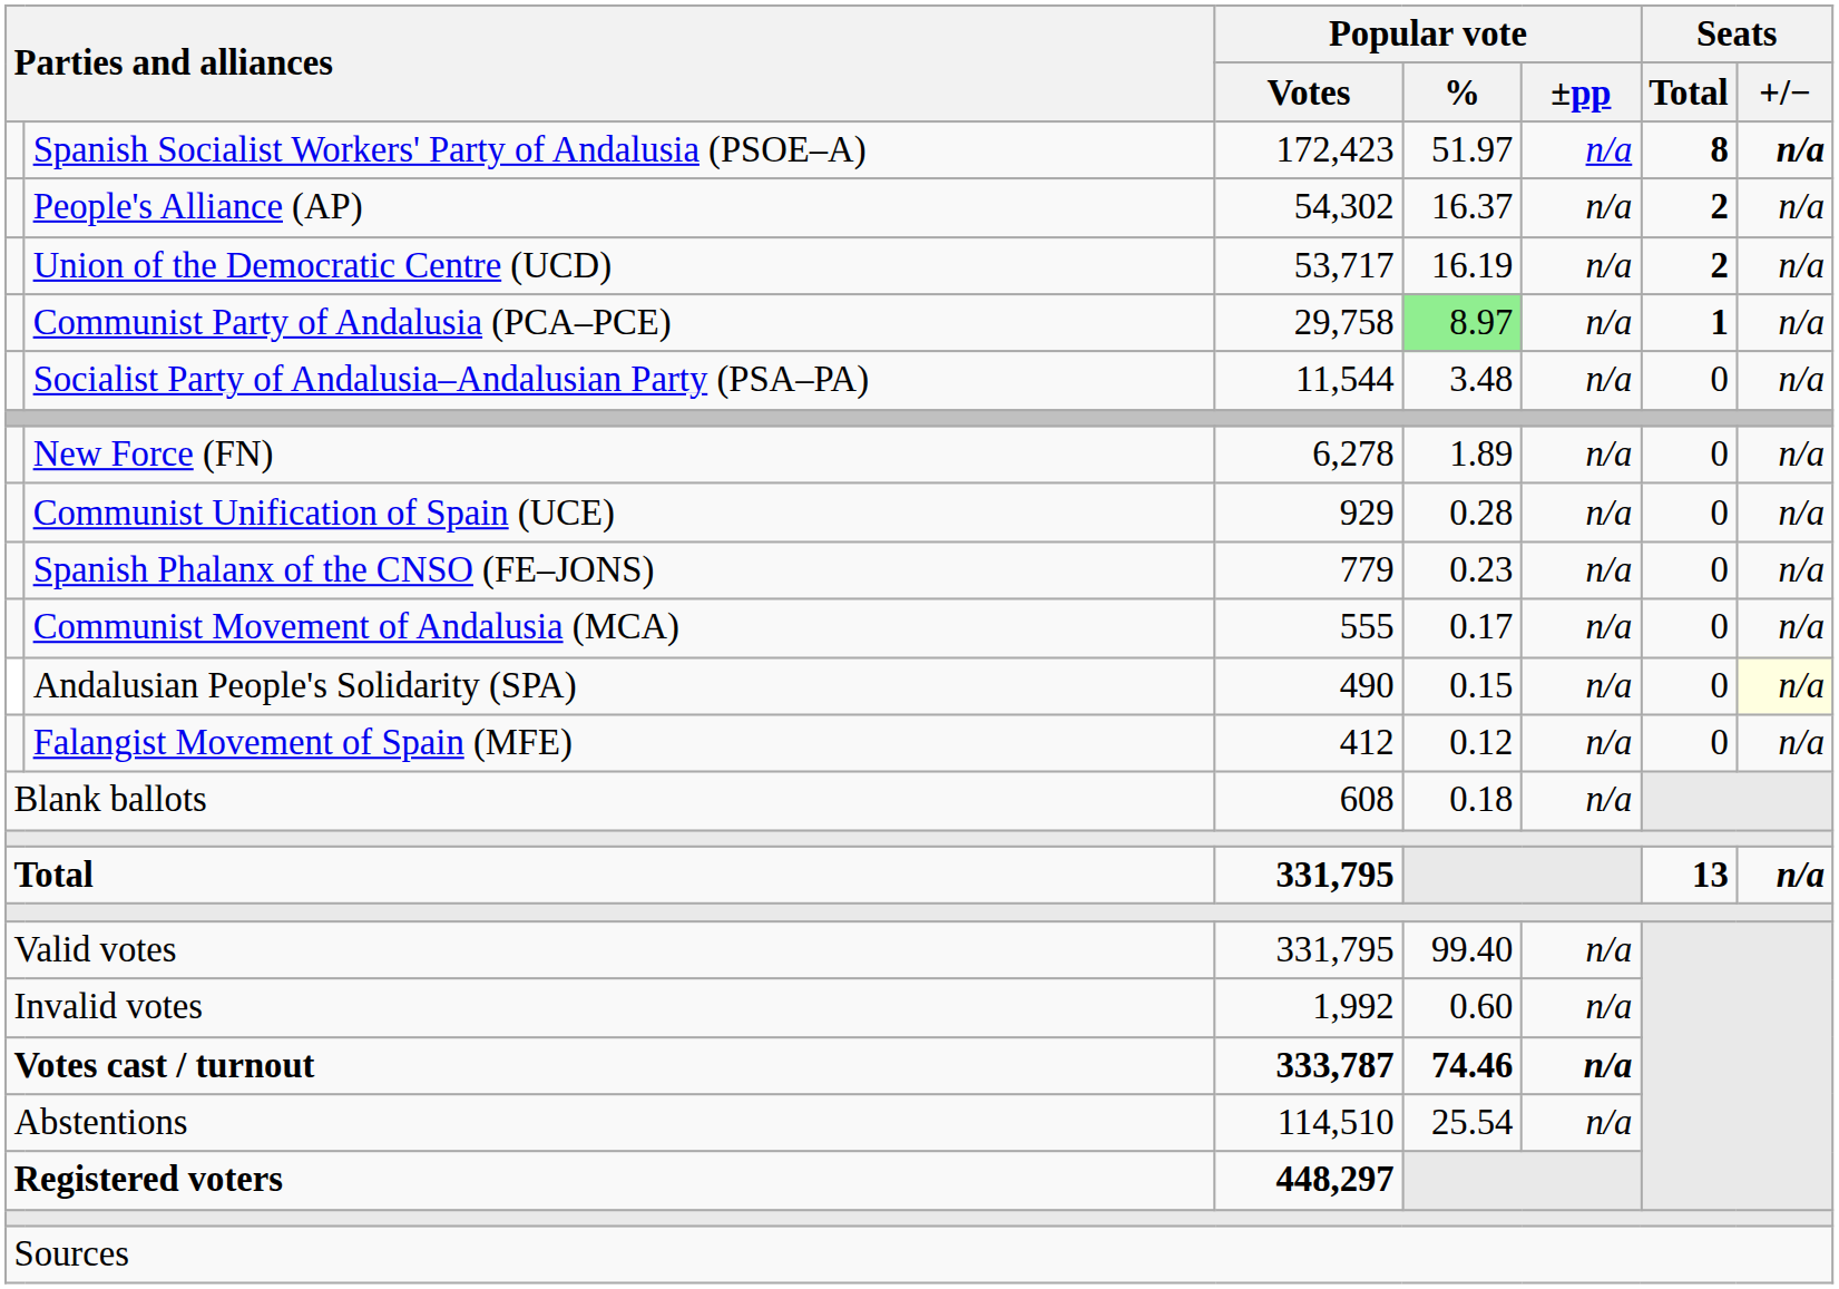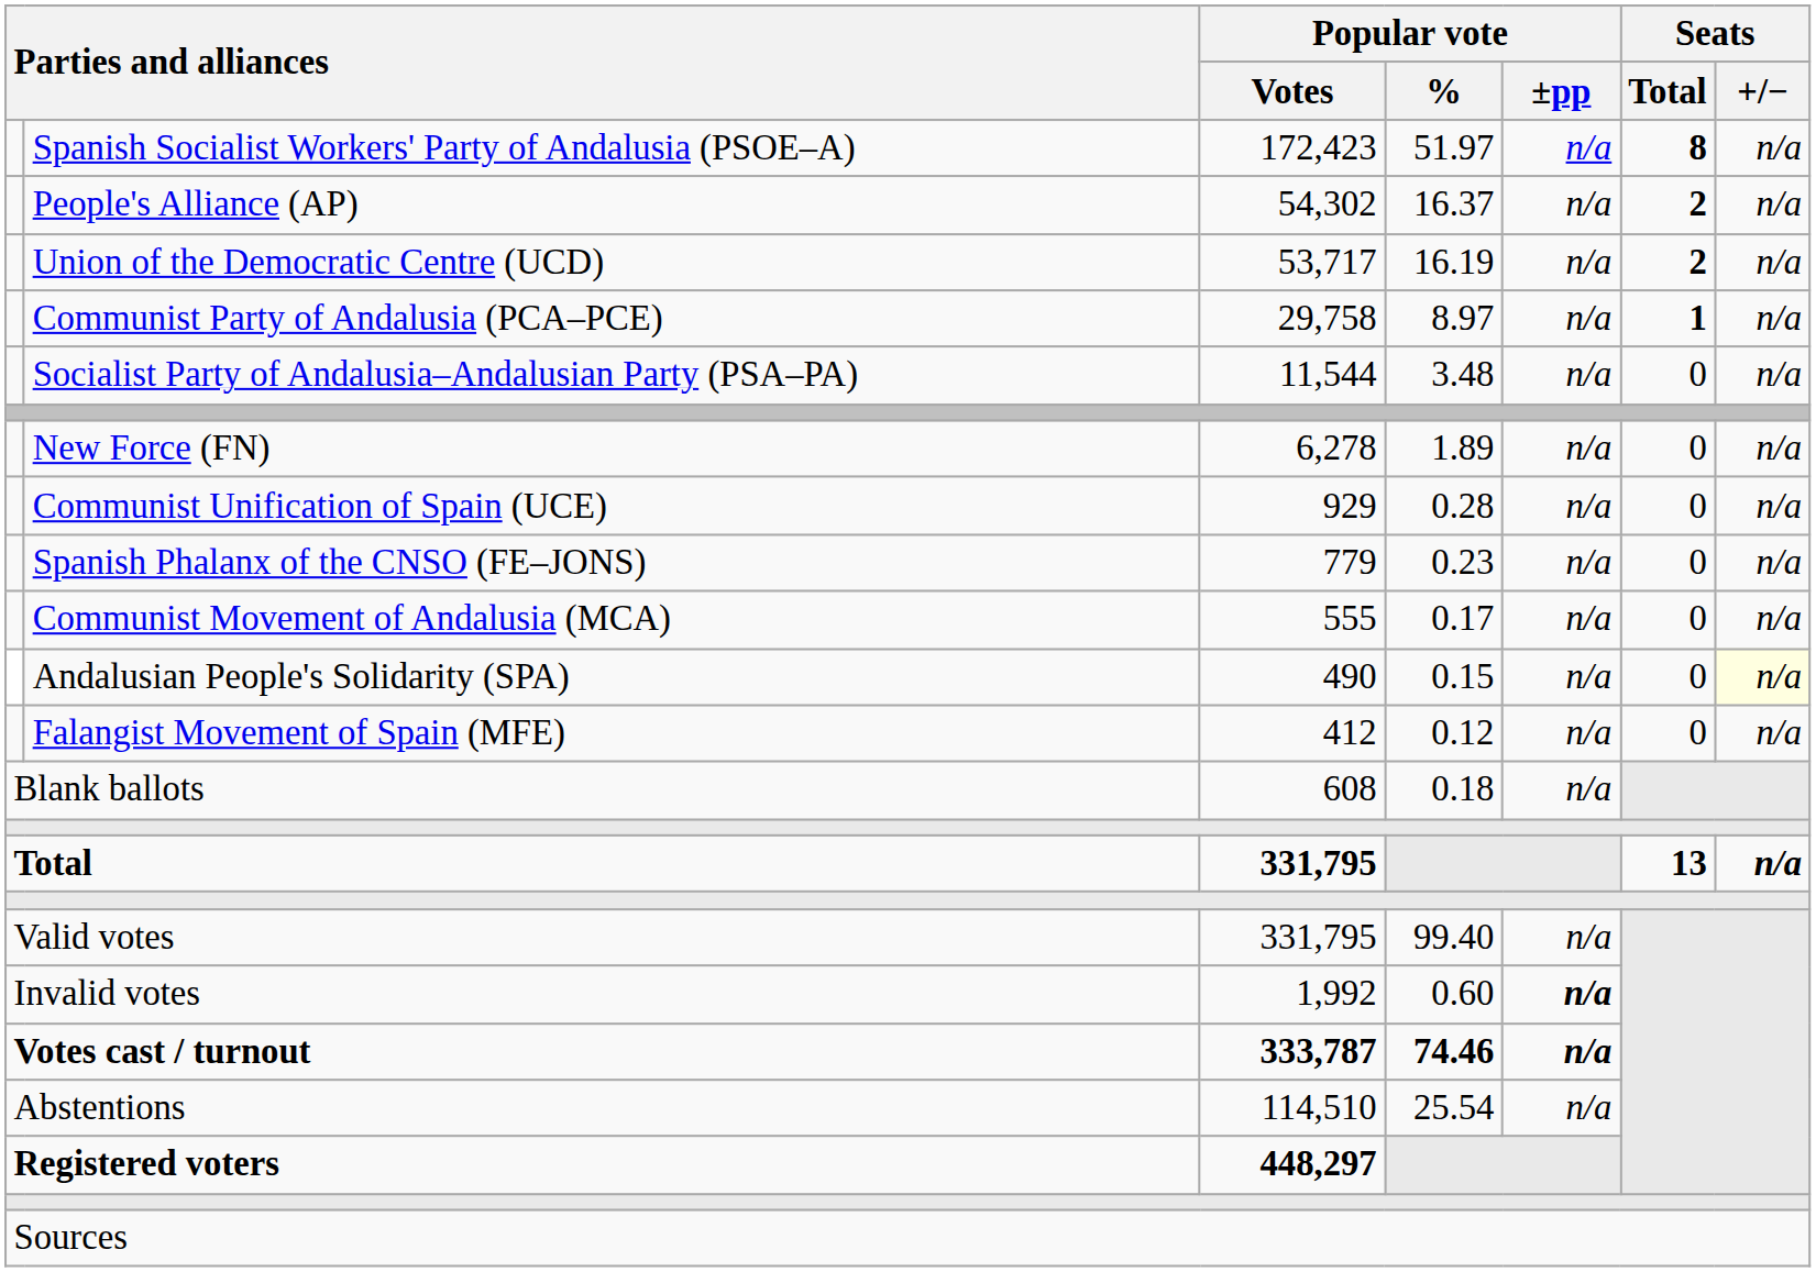 <table class="wikitable" style="text-align:right;">
 <tr>
 <th style="text-align:left;" rowspan="2" colspan="2" width="525">Parties and alliances</th>
 <th colspan="3">Popular vote</th>
 <th colspan="2">Seats</th>
 </tr>
 <tr>
 <th width="75">Votes</th>
 <th width="45">%</th>
 <th width="45">±<a href='#'>pp</a></th>
 <th width="35">Total</th>
 <th width="35">+/−</th>
 </tr>
 <tr>
 <td width="1" style="color:inherit;background:"></td>
 <td align="left"><a href='#'>Spanish Socialist Workers' Party of Andalusia</a> (PSOE–A)</td>
 <td>172,423</td>
 <td>51.97</td>
 <td><em><a href='#'>n/a</a></em></td>
 <td><strong>8</strong></td>
-<td><strong><em>n/a</em></strong></td>
+<td><em>n/a</em></td>
 </tr>
 <tr>
 <td style="color:inherit;background:"></td>
 <td align="left"><a href='#'>People's Alliance</a> (AP)</td>
 <td>54,302</td>
 <td>16.37</td>
 <td><em>n/a</em></td>
 <td><strong>2</strong></td>
 <td><em>n/a</em></td>
 </tr>
 <tr>
 <td style="color:inherit;background:"></td>
 <td align="left"><a href='#'>Union of the Democratic Centre</a> (UCD)</td>
 <td>53,717</td>
 <td>16.19</td>
 <td><em>n/a</em></td>
 <td><strong>2</strong></td>
 <td><em>n/a</em></td>
 </tr>
 <tr>
 <td style="color:inherit;background:"></td>
 <td align="left"><a href='#'>Communist Party of Andalusia</a> (PCA–PCE)</td>
 <td>29,758</td>
-<td style="background: lightgreen;">8.97</td>
+<td>8.97</td>
 <td><em>n/a</em></td>
 <td><strong>1</strong></td>
 <td><em>n/a</em></td>
 </tr>
 <tr>
 <td style="color:inherit;background:"></td>
 <td align="left"><a href='#'>Socialist Party of Andalusia–Andalusian Party</a> (PSA–PA)</td>
 <td>11,544</td>
 <td>3.48</td>
 <td><em>n/a</em></td>
 <td>0</td>
 <td><em>n/a</em></td>
 </tr>
 <tr>
 <td colspan="7" bgcolor="#C0C0C0"></td>
 </tr>
 <tr>
 <td style="color:inherit;background:"></td>
 <td align="left"><a href='#'>New Force</a> (FN)</td>
 <td>6,278</td>
 <td>1.89</td>
 <td><em>n/a</em></td>
 <td>0</td>
 <td><em>n/a</em></td>
 </tr>
 <tr>
 <td style="color:inherit;background:"></td>
 <td align="left"><a href='#'>Communist Unification of Spain</a> (UCE)</td>
 <td>929</td>
 <td>0.28</td>
 <td><em>n/a</em></td>
 <td>0</td>
 <td><em>n/a</em></td>
 </tr>
 <tr>
 <td style="color:inherit;background:"></td>
 <td align="left"><a href='#'>Spanish Phalanx of the CNSO</a> (FE–JONS)</td>
 <td>779</td>
 <td>0.23</td>
 <td><em>n/a</em></td>
 <td>0</td>
 <td><em>n/a</em></td>
 </tr>
 <tr>
 <td style="color:inherit;background:"></td>
 <td align="left"><a href='#'>Communist Movement of Andalusia</a> (MCA)</td>
 <td>555</td>
 <td>0.17</td>
 <td><em>n/a</em></td>
 <td>0</td>
 <td><em>n/a</em></td>
 </tr>
 <tr>
 <td bgcolor="white"></td>
 <td align="left">Andalusian People's Solidarity (SPA)</td>
 <td>490</td>
 <td>0.15</td>
 <td><em>n/a</em></td>
 <td>0</td>
 <td style="background: lightyellow;"><em>n/a</em></td>
 </tr>
 <tr>
 <td style="color:inherit;background:"></td>
 <td align="left"><a href='#'>Falangist Movement of Spain</a> (MFE)</td>
 <td>412</td>
 <td>0.12</td>
 <td><em>n/a</em></td>
 <td>0</td>
 <td><em>n/a</em></td>
 </tr>
 <tr>
 <td align="left" colspan="2">Blank ballots</td>
 <td>608</td>
 <td>0.18</td>
 <td><em>n/a</em></td>
 <td bgcolor="#E9E9E9" colspan="2"></td>
 </tr>
 <tr>
 <td colspan="7" bgcolor="#E9E9E9"></td>
 </tr>
 <tr style="font-weight:bold;">
 <td align="left" colspan="2">Total</td>
 <td>331,795</td>
 <td bgcolor="#E9E9E9" colspan="2"></td>
 <td>13</td>
 <td><em>n/a</em></td>
 </tr>
 <tr>
 <td colspan="7" bgcolor="#E9E9E9"></td>
 </tr>
 <tr>
 <td align="left" colspan="2">Valid votes</td>
 <td>331,795</td>
 <td>99.40</td>
 <td><em>n/a</em></td>
 <td bgcolor="#E9E9E9" colspan="2" rowspan="5"></td>
 </tr>
 <tr>
 <td align="left" colspan="2">Invalid votes</td>
 <td>1,992</td>
 <td>0.60</td>
-<td><em>n/a</em></td>
+<td><strong><em>n/a</em></strong></td>
 </tr>
 <tr style="font-weight:bold;">
 <td align="left" colspan="2">Votes cast / turnout</td>
 <td>333,787</td>
 <td>74.46</td>
 <td><em>n/a</em></td>
 </tr>
 <tr>
 <td align="left" colspan="2">Abstentions</td>
 <td>114,510</td>
 <td>25.54</td>
 <td><em>n/a</em></td>
 </tr>
 <tr style="font-weight:bold;">
 <td align="left" colspan="2">Registered voters</td>
 <td>448,297</td>
 <td bgcolor="#E9E9E9" colspan="2"></td>
 </tr>
 <tr>
 <td colspan="7" bgcolor="#E9E9E9"></td>
 </tr>
 <tr>
 <td align="left" colspan="7">Sources</td>
 </tr>
 </table>
